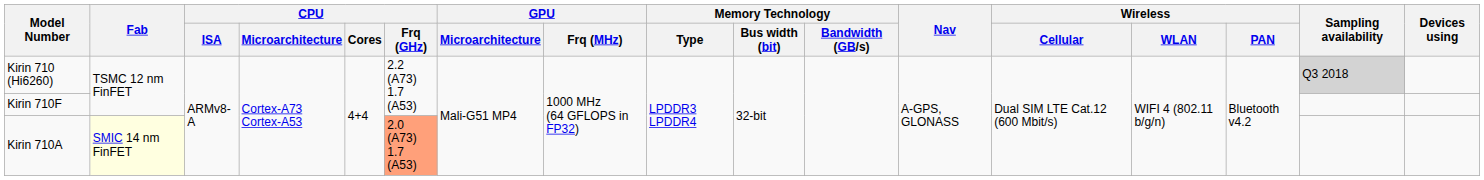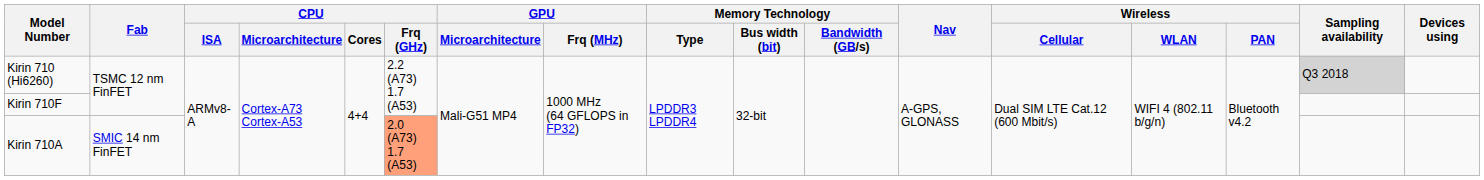 <table class="wikitable">
 <tr>
 <th rowspan="2">Model Number</th>
 <th rowspan="2"><a href='#'>Fab</a></th>
 <th colspan="4"><a href='#'>CPU</a></th>
 <th colspan="2"><a href='#'>GPU</a></th>
 <th colspan="3">Memory Technology</th>
 <th rowspan="2"><a href='#'>Nav</a></th>
 <th colspan="3">Wireless</th>
 <th rowspan="2">Sampling availability</th>
 <th rowspan="2">Devices using</th>
 </tr>
 <tr>
 <th><a href='#'>ISA</a></th>
 <th><a href='#'>Microarchitecture</a></th>
 <th>Cores</th>
 <th>Frq (<a href='#'>GHz</a>)</th>
 <th><a href='#'>Microarchitecture</a></th>
 <th>Frq (<a href='#'>MHz</a>)</th>
 <th>Type</th>
 <th>Bus width (<a href='#'>bit</a>)</th>
 <th><a href='#'>Bandwidth</a> (<a href='#'>GB</a>/s)</th>
 <th><a href='#'>Cellular</a></th>
 <th><a href='#'>WLAN</a></th>
 <th><a href='#'>PAN</a></th>
 </tr>
 <tr>
 <td>Kirin 710 (Hi6260)</td>
 <td rowspan="2">TSMC 12 nm FinFET</td>
 <td rowspan="3">ARMv8-A</td>
 <td rowspan="3"><a href='#'>Cortex-A73</a><br><a href='#'>Cortex-A53</a></td>
 <td rowspan="3">4+4</td>
 <td rowspan="2">2.2 (A73)<br>1.7 (A53)</td>
 <td rowspan="3">Mali-G51 MP4</td>
 <td rowspan="3">1000 MHz<br>(64 GFLOPS in <a href='#'>FP32</a>)</td>
 <td rowspan="3"><a href='#'>LPDDR3</a> <a href='#'>LPDDR4</a></td>
 <td rowspan="3">32-bit</td>
 <td rowspan="3"></td>
 <td rowspan="3">A-GPS, GLONASS</td>
 <td rowspan="3">Dual SIM LTE Cat.12 (600 Mbit/s)</td>
 <td rowspan="3">WIFI 4 (802.11 b/g/n)</td>
 <td rowspan="3">Bluetooth v4.2</td>
 <td style="background: lightgrey;">Q3 2018</td>
 <td></td>
 </tr>
 <tr>
 <td>Kirin 710F</td>
 <td></td>
 <td></td>
 </tr>
 <tr>
 <td>Kirin 710A</td>
-<td style="background: lightyellow;"><a href='#'>SMIC</a> 14 nm FinFET</td>
+<td><a href='#'>SMIC</a> 14 nm FinFET</td>
 <td style="background: lightsalmon;">2.0 (A73)<br>1.7 (A53)</td>
 <td></td>
 <td></td>
 </tr>
 </table>
